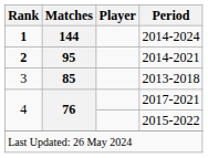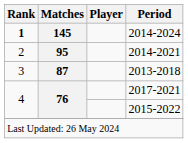 <table class="wikitable">
 <tr>
 <th style="text-align:center;">Rank</th>
 <th style="text-align:center;">Matches</th>
 <th style="text-align:center;">Player</th>
 <th style="text-align:center;">Period</th>
 </tr>
 <tr>
 <td align=center><strong>1</strong></td>
-<th scope=row style=text-align:center;>144</th>
+<th scope=row style=text-align:center;>145</th>
 <td></td>
 <td>2014-2024</td>
 </tr>
 <tr>
-<td align=center><strong>2</strong></td>
+<td align=center>2</td>
 <th scope=row style=text-align:center;>95</th>
 <td></td>
 <td>2014-2021</td>
 </tr>
 <tr>
 <td align=center>3</td>
-<th scope=row style=text-align:center;>85</th>
+<th scope=row style=text-align:center;>87</th>
 <td></td>
 <td>2013-2018</td>
 </tr>
 <tr>
 <td align=center rowspan=2>4</td>
 <th scope=row style=text-align:center; rowspan=2>76</th>
 <td></td>
 <td>2017-2021</td>
 </tr>
 <tr>
 <td></td>
 <td>2015-2022</td>
 </tr>
 <tr>
 </tr>
 <tr class=sortbottom>
 <td colspan=4><small>Last Updated: 26 May 2024</small></td>
 </tr>
 </table>
